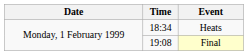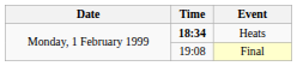 <table class = "wikitable" style="text-align:center;">
 <tr>
 <th width=220>Date</th>
 <th width=50>Time</th>
 <th width=100>Event</th>
 </tr>
 <tr>
 <td rowspan=2>Monday, 1 February 1999</td>
-<td>18:34</td>
+<td><strong>18:34</strong></td>
 <td>Heats</td>
 </tr>
 <tr>
 <td>19:08</td>
 <td bgcolor=ffffcc>Final</td>
 </tr>
 </table>
